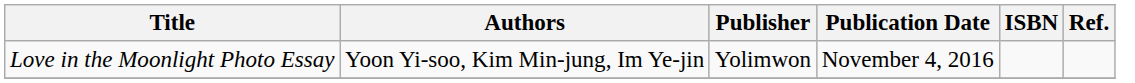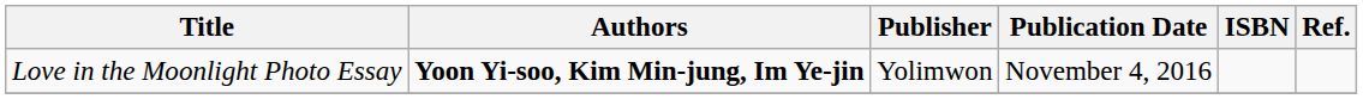 <table class="wikitable">
 <tr>
 <th>Title</th>
 <th>Authors</th>
 <th>Publisher</th>
 <th>Publication Date</th>
 <th>ISBN</th>
 <th>Ref.</th>
 </tr>
 <tr>
 <td align="center"><em>Love in the Moonlight Photo Essay</em></td>
-<td align="center">Yoon Yi-soo, Kim Min-jung, Im Ye-jin</td>
+<td align="center"><strong>Yoon Yi-soo, Kim Min-jung, Im Ye-jin</strong></td>
 <td align="center">Yolimwon</td>
 <td align="center">November 4, 2016</td>
 <td align="center"></td>
 <td align="center"></td>
 </tr>
 <tr>
 </tr>
 </table>
